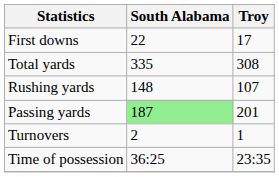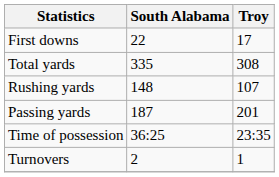 <table class="wikitable">
 <tr>
 <th>Statistics</th>
 <th>South Alabama</th>
 <th>Troy</th>
 </tr>
 <tr>
 <td>First downs</td>
 <td>22</td>
 <td>17</td>
 </tr>
 <tr>
 <td>Total yards</td>
 <td>335</td>
 <td>308</td>
 </tr>
 <tr>
 <td>Rushing yards</td>
 <td>148</td>
 <td>107</td>
 </tr>
 <tr>
 <td>Passing yards</td>
-<td style="background: lightgreen;">187</td>
+<td>187</td>
 <td>201</td>
+</tr>
+<tr>
+<td>Time of possession</td>
+<td>36:25</td>
+<td>23:35</td>
 </tr>
 <tr>
 <td>Turnovers</td>
 <td>2</td>
 <td>1</td>
 </tr>
 <tr>
-<td>Time of possession</td>
-<td>36:25</td>
-<td>23:35</td>
-</tr>
-<tr>
 </tr>
 </table>
